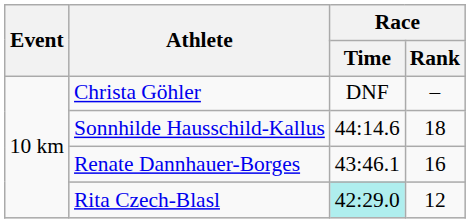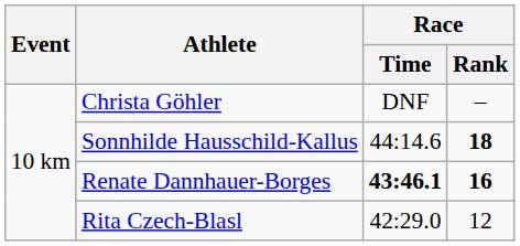 <table class="wikitable" border="1" style="font-size:90%">
 <tr>
 <th rowspan=2>Event</th>
 <th rowspan=2>Athlete</th>
 <th colspan=2>Race</th>
 </tr>
 <tr>
 <th>Time</th>
 <th>Rank</th>
 </tr>
 <tr>
 <td rowspan=4>10 km</td>
 <td><a href='#'>Christa Göhler</a></td>
 <td align=center>DNF</td>
 <td align=center>–</td>
 </tr>
 <tr>
 <td><a href='#'>Sonnhilde Hausschild-Kallus</a></td>
 <td align=center>44:14.6</td>
-<td align=center>18</td>
+<td align=center><strong>18</strong></td>
 </tr>
 <tr>
 <td><a href='#'>Renate Dannhauer-Borges</a></td>
-<td align=center>43:46.1</td>
-<td align=center>16</td>
+<td align=center><strong>43:46.1</strong></td>
+<td align=center><strong>16</strong></td>
 </tr>
 <tr>
 <td><a href='#'>Rita Czech-Blasl</a></td>
-<td align=center style="background: paleturquoise;">42:29.0</td>
+<td align=center>42:29.0</td>
 <td align=center>12</td>
 </tr>
 </table>
